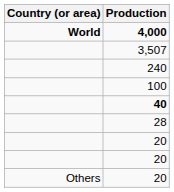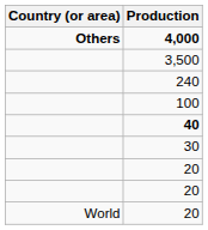 <table class="wikitable sortable static-row-numbers" style="text-align:right;">
 <tr class="static-row-header" style="text-align:center;vertical-align:bottom;">
 <th>Country (or area)</th>
 <th>Production</th>
 </tr>
 <tr class="static-row-header " style="font-weight:bold;">
-<td> World</td>
+<td> Others</td>
 <td>4,000</td>
 </tr>
 <tr>
 <td></td>
-<td>3,507</td>
+<td>3,500</td>
 </tr>
 <tr>
 <td></td>
 <td>240</td>
 </tr>
 <tr>
 <td></td>
 <td>100</td>
 </tr>
 <tr>
 <td></td>
 <td><strong>40</strong></td>
 </tr>
 <tr>
 <td></td>
-<td>28</td>
+<td>30</td>
 </tr>
 <tr>
 <td></td>
 <td>20</td>
 </tr>
 <tr>
 <td></td>
 <td>20</td>
 </tr>
 <tr>
-<td> Others</td>
+<td> World</td>
 <td>20</td>
 </tr>
 </table>
